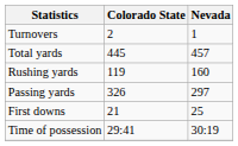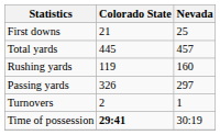 <table class="wikitable">
 <tr>
 <th>Statistics</th>
 <th>Colorado State</th>
 <th>Nevada</th>
 </tr>
 <tr>
-<td>Turnovers</td>
-<td>2</td>
-<td>1</td>
+<td>First downs</td>
+<td>21</td>
+<td>25</td>
 </tr>
 <tr>
 <td>Total yards</td>
 <td>445</td>
 <td>457</td>
 </tr>
 <tr>
 <td>Rushing yards</td>
 <td>119</td>
 <td>160</td>
 </tr>
 <tr>
 <td>Passing yards</td>
 <td>326</td>
 <td>297</td>
 </tr>
 <tr>
-<td>First downs</td>
-<td>21</td>
-<td>25</td>
+<td>Turnovers</td>
+<td>2</td>
+<td>1</td>
 </tr>
 <tr>
 <td>Time of possession</td>
-<td>29:41</td>
+<td><strong>29:41</strong></td>
 <td>30:19</td>
 </tr>
 <tr>
 </tr>
 </table>
